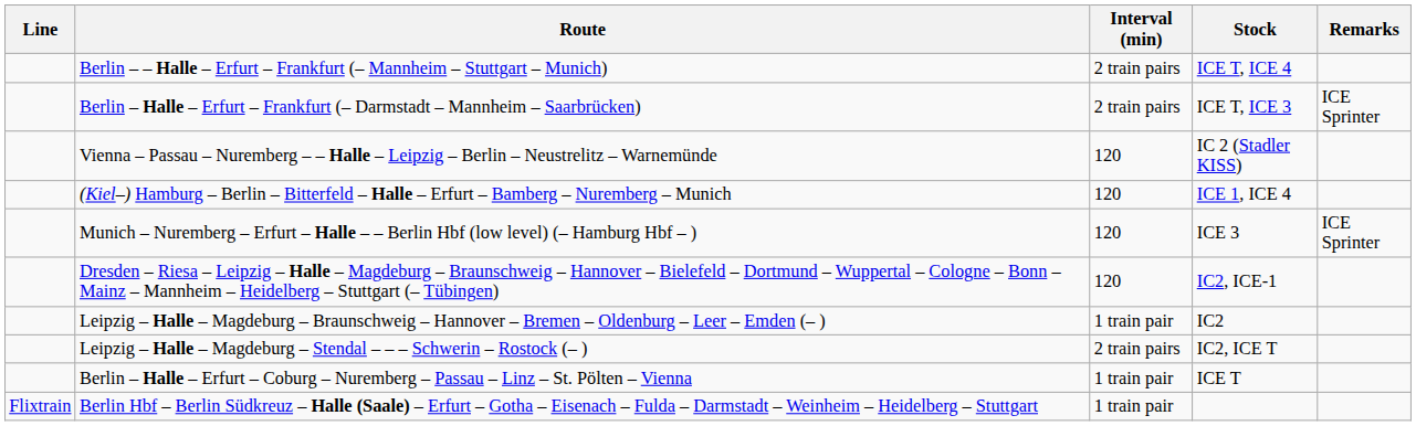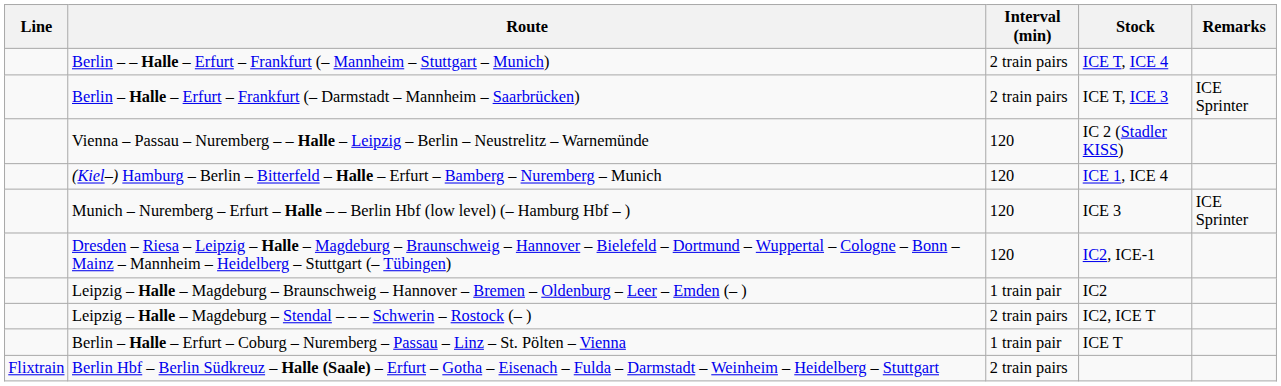 <table class="wikitable">
 <tr>
 <th>Line</th>
 <th>Route</th>
 <th>Interval (min)</th>
 <th>Stock</th>
 <th>Remarks</th>
 </tr>
 <tr>
 <td align="center"></td>
 <td><a href='#'>Berlin</a> –  – <strong>Halle</strong> – <a href='#'>Erfurt</a> – <a href='#'>Frankfurt</a> (– <a href='#'>Mannheim</a> – <a href='#'>Stuttgart</a> – <a href='#'>Munich</a>)</td>
 <td>2 train pairs</td>
 <td><a href='#'>ICE T</a>, <a href='#'>ICE 4</a></td>
 <td></td>
 </tr>
 <tr>
 <td align="center"></td>
 <td><a href='#'>Berlin</a> – <strong>Halle</strong> – <a href='#'>Erfurt</a> – <a href='#'>Frankfurt</a> (– Darmstadt – Mannheim – <a href='#'>Saarbrücken</a>)</td>
 <td>2 train pairs</td>
 <td>ICE T, <a href='#'>ICE 3</a></td>
 <td>ICE Sprinter</td>
 </tr>
 <tr>
 <td align="Center"></td>
 <td>Vienna – Passau – Nuremberg –  – <strong>Halle</strong> – <a href='#'>Leipzig</a> – Berlin – Neustrelitz – Warnemünde</td>
 <td>120</td>
 <td>IC 2 (<a href='#'>Stadler KISS</a>)</td>
 <td></td>
 </tr>
 <tr>
 <td align="center"></td>
 <td><em>(<a href='#'>Kiel</a>–)</em> <a href='#'>Hamburg</a> – Berlin – <a href='#'>Bitterfeld</a> – <strong>Halle</strong> – Erfurt – <a href='#'>Bamberg</a> – <a href='#'>Nuremberg</a> – Munich</td>
 <td>120</td>
 <td><a href='#'>ICE 1</a>, ICE 4</td>
 <td></td>
 </tr>
 <tr>
 <td align="center"></td>
 <td>Munich – Nuremberg – Erfurt – <strong>Halle</strong> –  – Berlin Hbf (low level) (– Hamburg Hbf – )</td>
 <td>120</td>
 <td>ICE 3</td>
 <td>ICE Sprinter</td>
 </tr>
 <tr>
 <td align="center"></td>
 <td><a href='#'>Dresden</a> – <a href='#'>Riesa</a> – <a href='#'>Leipzig</a> – <strong>Halle</strong> – <a href='#'>Magdeburg</a> – <a href='#'>Braunschweig</a> – <a href='#'>Hannover</a> – <a href='#'>Bielefeld</a> – <a href='#'>Dortmund</a> – <a href='#'>Wuppertal</a> – <a href='#'>Cologne</a> – <a href='#'>Bonn</a> – <a href='#'>Mainz</a> – Mannheim – <a href='#'>Heidelberg</a> – Stuttgart (– <a href='#'>Tübingen</a>)</td>
 <td>120</td>
 <td><a href='#'>IC2</a>, ICE-1</td>
 <td></td>
 </tr>
 <tr>
 <td align="center"></td>
 <td>Leipzig – <strong>Halle</strong> – Magdeburg – Braunschweig – Hannover – <a href='#'>Bremen</a> – <a href='#'>Oldenburg</a> – <a href='#'>Leer</a> – <a href='#'>Emden</a> (– )</td>
 <td>1 train pair</td>
 <td>IC2</td>
 <td></td>
 </tr>
 <tr>
 <td align="center"></td>
 <td>Leipzig – <strong>Halle</strong> – Magdeburg – <a href='#'>Stendal</a> –  –  – <a href='#'>Schwerin</a> – <a href='#'>Rostock</a> (– )</td>
 <td>2 train pairs</td>
 <td>IC2, ICE T</td>
 <td></td>
 </tr>
 <tr>
 <td align="center"></td>
 <td>Berlin – <strong>Halle</strong> – Erfurt – Coburg – Nuremberg – <a href='#'>Passau</a> – <a href='#'>Linz</a> – St. Pölten – <a href='#'>Vienna</a></td>
 <td>1 train pair</td>
 <td>ICE T</td>
 <td></td>
 </tr>
 <tr>
 <td align="center"><a href='#'>Flixtrain</a> </td>
 <td><a href='#'>Berlin Hbf</a> – <a href='#'>Berlin Südkreuz</a> – <strong>Halle (Saale)</strong> – <a href='#'>Erfurt</a> – <a href='#'>Gotha</a> – <a href='#'>Eisenach</a> – <a href='#'>Fulda</a> –  <a href='#'>Darmstadt</a> – <a href='#'>Weinheim</a> – <a href='#'>Heidelberg</a> – <a href='#'>Stuttgart</a></td>
-<td>1 train pair</td>
+<td>2 train pairs</td>
 <td></td>
 <td></td>
 </tr>
 </table>
